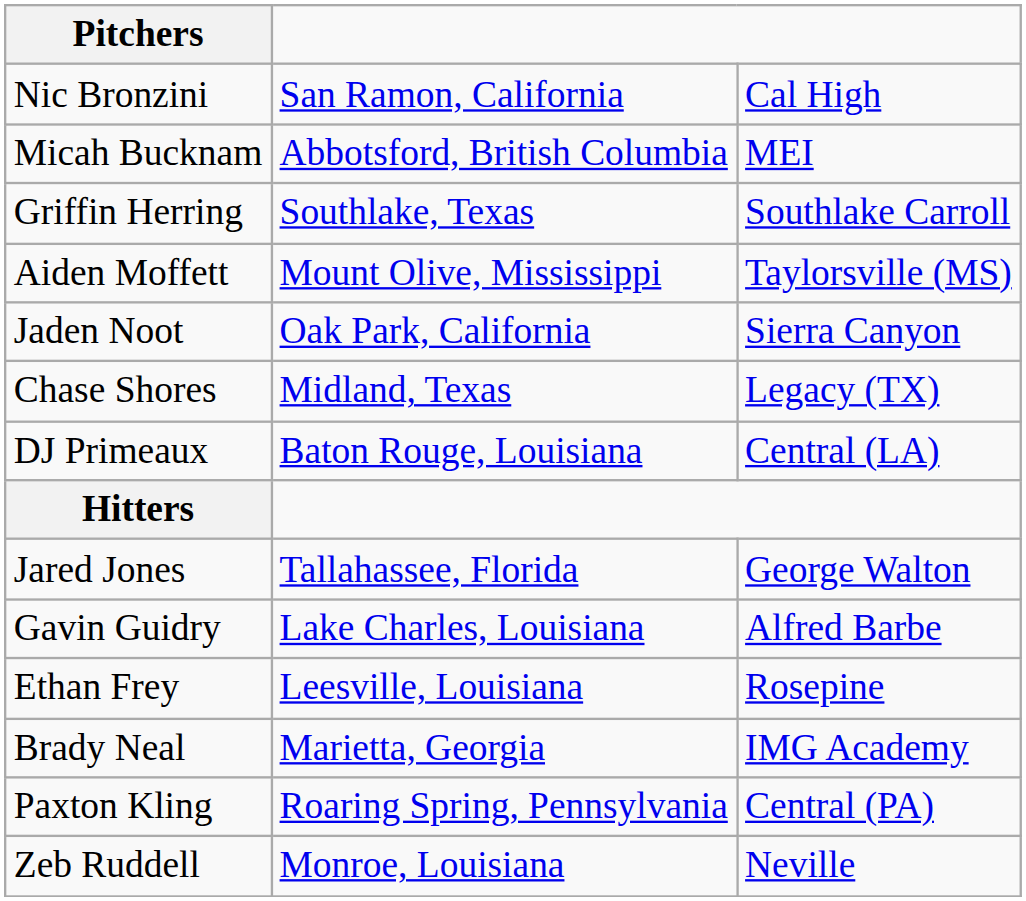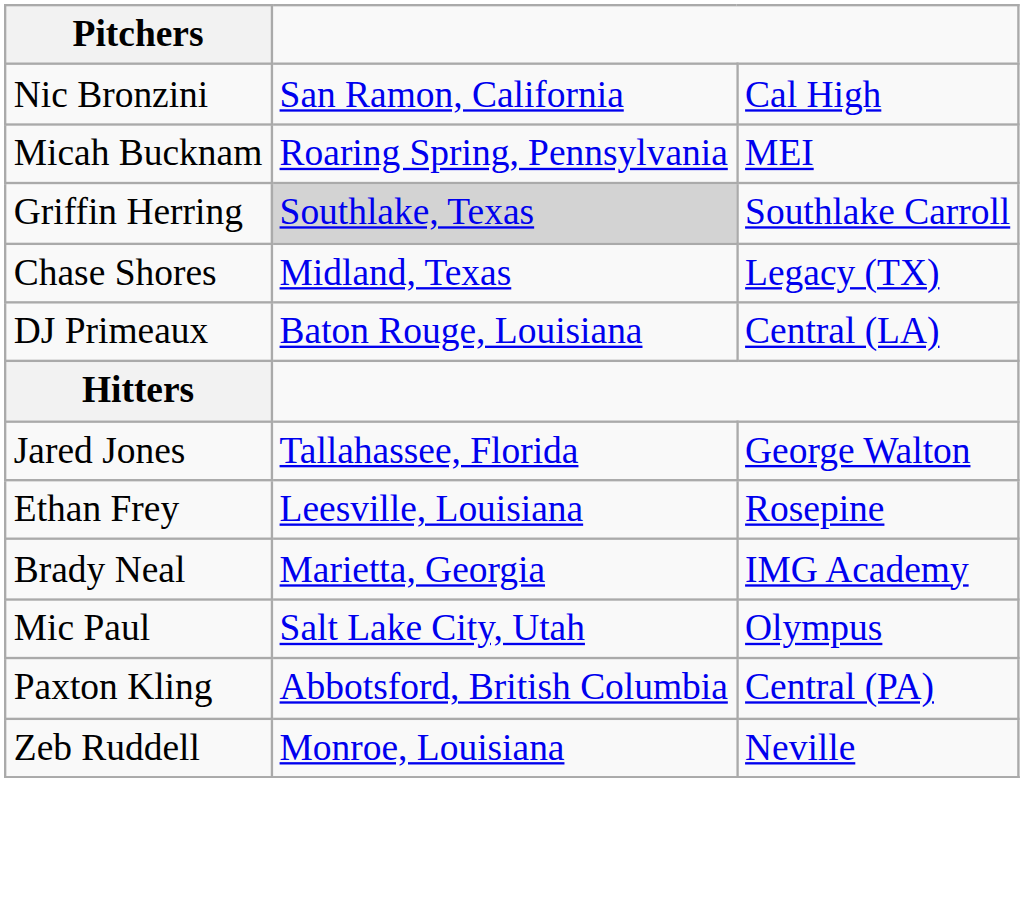 <table class="wikitable">
 <tr>
 <th>Pitchers</th>
 </tr>
 <tr>
 <td>Nic Bronzini</td>
 <td><a href='#'>San Ramon, California</a></td>
 <td><a href='#'>Cal High</a></td>
 </tr>
 <tr>
 <td>Micah Bucknam</td>
-<td><a href='#'>Abbotsford, British Columbia</a></td>
+<td><a href='#'>Roaring Spring, Pennsylvania</a></td>
 <td><a href='#'>MEI</a></td>
 </tr>
 <tr>
 <td>Griffin Herring</td>
-<td><a href='#'>Southlake, Texas</a></td>
+<td style="background: lightgrey;"><a href='#'>Southlake, Texas</a></td>
 <td><a href='#'>Southlake Carroll</a></td>
-</tr>
-<tr>
-<td>Aiden Moffett</td>
-<td><a href='#'>Mount Olive, Mississippi</a></td>
-<td><a href='#'>Taylorsville (MS)</a></td>
-</tr>
-<tr>
-<td>Jaden Noot</td>
-<td><a href='#'>Oak Park, California</a></td>
-<td><a href='#'>Sierra Canyon</a></td>
 </tr>
 <tr>
 <td>Chase Shores</td>
 <td><a href='#'>Midland, Texas</a></td>
 <td><a href='#'>Legacy (TX)</a></td>
 </tr>
 <tr>
 <td>DJ Primeaux</td>
 <td><a href='#'>Baton Rouge, Louisiana</a></td>
 <td><a href='#'>Central (LA)</a></td>
 </tr>
 <tr>
 <th>Hitters</th>
 </tr>
 <tr>
 <td>Jared Jones</td>
 <td><a href='#'>Tallahassee, Florida</a></td>
 <td><a href='#'>George Walton</a></td>
 </tr>
 <tr>
-<td>Gavin Guidry</td>
-<td><a href='#'>Lake Charles, Louisiana</a></td>
-<td><a href='#'>Alfred Barbe</a></td>
-</tr>
-<tr>
 <td>Ethan Frey</td>
 <td><a href='#'>Leesville, Louisiana</a></td>
 <td><a href='#'>Rosepine</a></td>
 </tr>
 <tr>
 <td>Brady Neal</td>
 <td><a href='#'>Marietta, Georgia</a></td>
 <td><a href='#'>IMG Academy</a></td>
 </tr>
 <tr>
+<td>Mic Paul</td>
+<td><a href='#'>Salt Lake City, Utah</a></td>
+<td><a href='#'>Olympus</a></td>
+</tr>
+<tr>
 <td>Paxton Kling</td>
-<td><a href='#'>Roaring Spring, Pennsylvania</a></td>
+<td><a href='#'>Abbotsford, British Columbia</a></td>
 <td><a href='#'>Central (PA)</a></td>
 </tr>
 <tr>
 <td>Zeb Ruddell</td>
 <td><a href='#'>Monroe, Louisiana</a></td>
 <td><a href='#'>Neville</a></td>
 </tr>
 <tr>
 </tr>
 </table>
